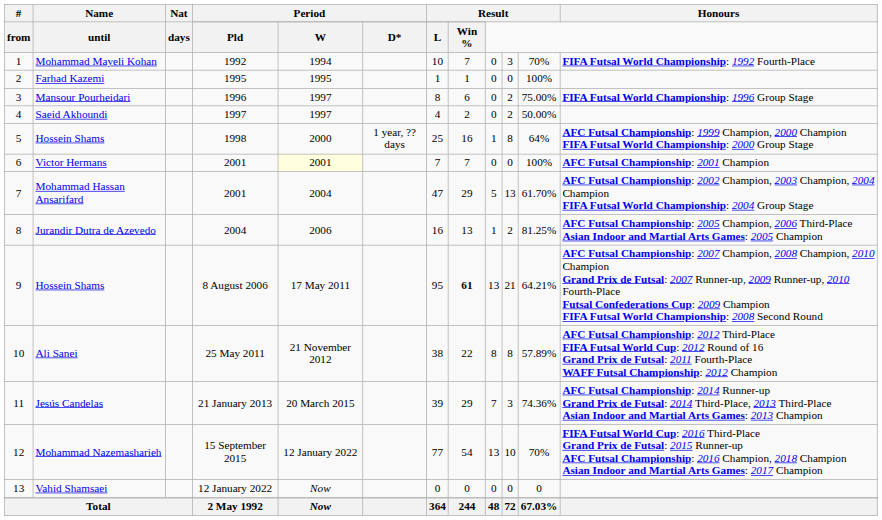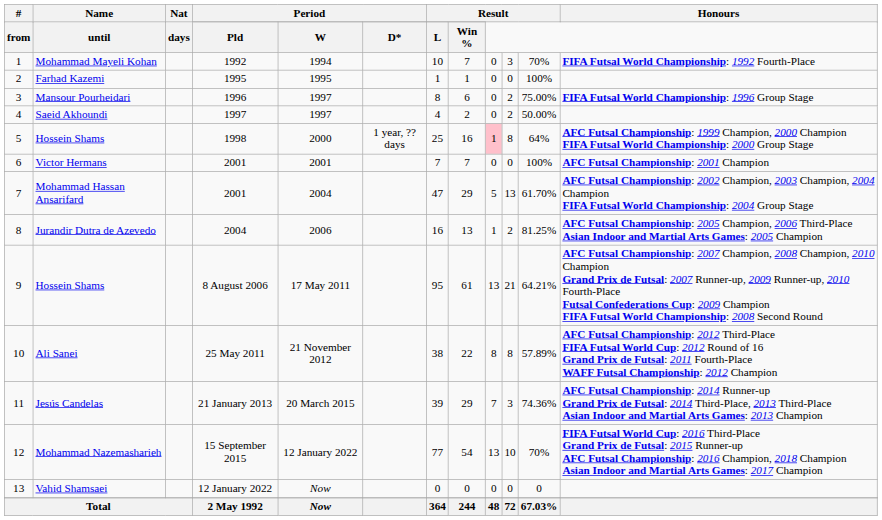 <table class="wikitable">
 <tr>
 <th rowspan="2">#</th>
 <th rowspan="2">Name</th>
 <th rowspan="2">Nat</th>
 <th colspan="3">Period</th>
 <th colspan="5">Result</th>
 <th rowspan="2">Honours</th>
 </tr>
 <tr>
 </tr>
 <tr>
 <th>from</th>
 <th>until</th>
 <th>days</th>
 <th>Pld</th>
 <th>W</th>
 <th>D*</th>
 <th>L</th>
 <th>Win %</th>
 </tr>
 <tr>
 <td align="center">1</td>
 <td><a href='#'>Mohammad Mayeli Kohan</a></td>
 <td align="center"></td>
 <td align="center">1992</td>
 <td align="center">1994</td>
 <td align="center"></td>
 <td align="center">10</td>
 <td align="center">7</td>
 <td align="center">0</td>
 <td align="center">3</td>
 <td align="center">70%</td>
 <td><strong><a href='#'>FIFA Futsal World Championship</a></strong>: <em><a href='#'>1992</a></em> Fourth-Place</td>
 </tr>
 <tr>
 <td align="center">2</td>
 <td><a href='#'>Farhad Kazemi</a></td>
 <td align="center"></td>
 <td align="center">1995</td>
 <td align="center">1995</td>
 <td align="center"></td>
 <td align="center">1</td>
 <td align="center">1</td>
 <td align="center">0</td>
 <td align="center">0</td>
 <td align="center">100%</td>
 <td></td>
 </tr>
 <tr>
 <td align="center">3</td>
 <td><a href='#'>Mansour Pourheidari</a></td>
 <td align="center"></td>
 <td align="center">1996</td>
 <td align="center">1997</td>
 <td align="center"></td>
 <td align="center">8</td>
 <td align="center">6</td>
 <td align="center">0</td>
 <td align="center">2</td>
 <td align="center">75.00%</td>
 <td><strong><a href='#'>FIFA Futsal World Championship</a></strong>: <em><a href='#'>1996</a></em> Group Stage</td>
 </tr>
 <tr>
 <td align="center">4</td>
 <td><a href='#'>Saeid Akhoundi</a></td>
 <td align="center"></td>
 <td align="center">1997</td>
 <td align="center">1997</td>
 <td align="center"></td>
 <td align="center">4</td>
 <td align="center">2</td>
 <td align="center">0</td>
 <td align="center">2</td>
 <td align="center">50.00%</td>
 <td></td>
 </tr>
 <tr>
 <td align="center">5</td>
 <td><a href='#'>Hossein Shams</a></td>
 <td align="center"></td>
 <td align="center">1998</td>
 <td align="center">2000</td>
 <td align="center">1 year, ?? days</td>
 <td align="center">25</td>
 <td align="center">16</td>
-<td align="center">1</td>
+<td align="center" style="background: pink;">1</td>
 <td align="center">8</td>
 <td align="center">64%</td>
 <td><strong><a href='#'>AFC Futsal Championship</a></strong>: <em><a href='#'>1999</a></em> Champion, <em><a href='#'>2000</a></em> Champion <br> <strong><a href='#'>FIFA Futsal World Championship</a></strong>: <em><a href='#'>2000</a></em> Group Stage</td>
 </tr>
 <tr>
 <td align="center">6</td>
 <td><a href='#'>Victor Hermans</a></td>
 <td align="center"></td>
 <td align="center">2001</td>
-<td align="center" style="background: lightyellow;">2001</td>
+<td align="center">2001</td>
 <td align="center"></td>
 <td align="center">7</td>
 <td align="center">7</td>
 <td align="center">0</td>
 <td align="center">0</td>
 <td align="center">100%</td>
 <td><strong><a href='#'>AFC Futsal Championship</a></strong>: <em><a href='#'>2001</a></em> Champion</td>
 </tr>
 <tr>
 <td align="center">7</td>
 <td><a href='#'>Mohammad Hassan Ansarifard</a></td>
 <td align="center"></td>
 <td align="center">2001</td>
 <td align="center">2004</td>
 <td align="center"></td>
 <td align="center">47</td>
 <td align="center">29</td>
 <td align="center">5</td>
 <td align="center">13</td>
 <td align="center">61.70%</td>
 <td><strong><a href='#'>AFC Futsal Championship</a></strong>: <em><a href='#'>2002</a></em> Champion, <em><a href='#'>2003</a></em> Champion, <em><a href='#'>2004</a></em> Champion <br> <strong><a href='#'>FIFA Futsal World Championship</a></strong>: <em><a href='#'>2004</a></em> Group Stage</td>
 </tr>
 <tr>
 <td align="center">8</td>
 <td><a href='#'>Jurandir Dutra de Azevedo</a></td>
 <td align="center"></td>
 <td align="center">2004</td>
 <td align="center">2006</td>
 <td align="center"></td>
 <td align="center">16</td>
 <td align="center">13</td>
 <td align="center">1</td>
 <td align="center">2</td>
 <td align="center">81.25%</td>
 <td><strong><a href='#'>AFC Futsal Championship</a></strong>: <em><a href='#'>2005</a></em> Champion, <em><a href='#'>2006</a></em> Third-Place <br> <strong><a href='#'>Asian Indoor and Martial Arts Games</a></strong>: <em><a href='#'>2005</a></em> Champion</td>
 </tr>
 <tr>
 <td align="center">9</td>
 <td><a href='#'>Hossein Shams</a></td>
 <td align="center"></td>
 <td align="center">8 August 2006</td>
 <td align="center">17 May 2011</td>
 <td align="center"></td>
 <td align="center">95</td>
-<td align="center"><strong>61</strong></td>
+<td align="center">61</td>
 <td align="center">13</td>
 <td align="center">21</td>
 <td align="center">64.21%</td>
 <td><strong><a href='#'>AFC Futsal Championship</a></strong>: <em><a href='#'>2007</a></em> Champion, <em><a href='#'>2008</a></em> Champion, <em><a href='#'>2010</a></em> Champion <br> <strong><a href='#'>Grand Prix de Futsal</a></strong>: <em><a href='#'>2007</a></em> Runner-up, <em><a href='#'>2009</a></em> Runner-up, <em><a href='#'>2010</a></em> Fourth-Place <br> <strong><a href='#'>Futsal Confederations Cup</a></strong>: <em><a href='#'>2009</a></em> Champion <br> <strong><a href='#'>FIFA Futsal World Championship</a></strong>: <em><a href='#'>2008</a></em> Second Round</td>
 </tr>
 <tr>
 <td align="center">10</td>
 <td><a href='#'>Ali Sanei</a></td>
 <td align="center"></td>
 <td align="center">25 May 2011</td>
 <td align="center">21 November 2012</td>
 <td align="center"></td>
 <td align="center">38</td>
 <td align="center">22</td>
 <td align="center">8</td>
 <td align="center">8</td>
 <td align="center">57.89%</td>
 <td><strong><a href='#'>AFC Futsal Championship</a></strong>: <em><a href='#'>2012</a></em> Third-Place <br> <strong><a href='#'>FIFA Futsal World Cup</a></strong>: <em><a href='#'>2012</a></em> Round of 16 <br> <strong><a href='#'>Grand Prix de Futsal</a></strong>: <em><a href='#'>2011</a></em> Fourth-Place <br> <strong><a href='#'>WAFF Futsal Championship</a></strong>: <em><a href='#'>2012</a></em> Champion</td>
 </tr>
 <tr>
 <td align="center">11</td>
 <td><a href='#'>Jesús Candelas</a></td>
 <td align="center"></td>
 <td align="center">21 January 2013</td>
 <td align="center">20 March 2015</td>
 <td align="center"></td>
 <td align="center">39</td>
 <td align="center">29</td>
 <td align="center">7</td>
 <td align="center">3</td>
 <td align="center">74.36%</td>
 <td><strong><a href='#'>AFC Futsal Championship</a></strong>: <em><a href='#'>2014</a></em> Runner-up <br><strong><a href='#'>Grand Prix de Futsal</a></strong>: <em><a href='#'>2014</a></em> Third-Place, <em><a href='#'>2013</a></em> Third-Place <br> <strong><a href='#'>Asian Indoor and Martial Arts Games</a></strong>: <em><a href='#'>2013</a></em> Champion</td>
 </tr>
 <tr>
 <td align="center">12</td>
 <td><a href='#'>Mohammad Nazemasharieh</a></td>
 <td align="center"></td>
 <td align="center">15 September 2015</td>
 <td align="center">12 January 2022</td>
 <td align="center"></td>
 <td align="center">77</td>
 <td align="center">54</td>
 <td align="center">13</td>
 <td align="center">10</td>
 <td align="center">70%</td>
 <td><strong><a href='#'>FIFA Futsal World Cup</a></strong>: <em><a href='#'>2016</a></em> Third-Place <br> <strong><a href='#'>Grand Prix de Futsal</a></strong>: <em><a href='#'>2015</a></em> Runner-up <br> <strong><a href='#'>AFC Futsal Championship</a></strong>: <em><a href='#'>2016</a></em> Champion,  <em><a href='#'>2018</a></em> Champion <br> <strong><a href='#'>Asian Indoor and Martial Arts Games</a></strong>: <em><a href='#'>2017</a></em> Champion</td>
 </tr>
 <tr>
 <td align="center">13</td>
 <td><a href='#'>Vahid Shamsaei</a></td>
 <td align="center"></td>
 <td align="center">12 January 2022</td>
 <td align="center"><em>Now</em></td>
 <td align="center"></td>
 <td align="center">0</td>
 <td align="center">0</td>
 <td align="center">0</td>
 <td align="center">0</td>
 <td align="center">0</td>
 <td></td>
 </tr>
 <tr>
 </tr>
 <tr class="sortbottom">
 <th colspan=3 align="center">Total</th>
 <th align="center">2 May 1992</th>
 <th align="center"><em>Now</em></th>
 <th align="center"></th>
 <th align="center">364</th>
 <th align="center">244</th>
 <th align="center">48</th>
 <th align="center">72</th>
 <th align="center">67.03%</th>
 <th align="center"></th>
 </tr>
 </table>
